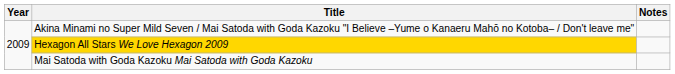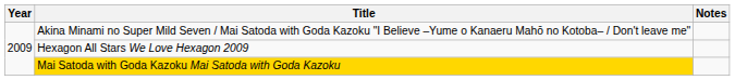 <table class="wikitable">
 <tr>
 <th>Year</th>
 <th>Title</th>
 <th>Notes</th>
 </tr>
 <tr>
 <td rowspan="3">2009</td>
 <td>Akina Minami no Super Mild Seven / Mai Satoda with Goda Kazoku "I Believe –Yume o Kanaeru Mahō no Kotoba– / Don't leave me"</td>
 <td></td>
 </tr>
 <tr>
-<td style="background: gold;">Hexagon All Stars <em>We Love Hexagon 2009</em></td>
+<td>Hexagon All Stars <em>We Love Hexagon 2009</em></td>
 <td></td>
 </tr>
 <tr>
-<td>Mai Satoda with Goda Kazoku <em>Mai Satoda with Goda Kazoku</em></td>
+<td style="background: gold;">Mai Satoda with Goda Kazoku <em>Mai Satoda with Goda Kazoku</em></td>
 <td></td>
 </tr>
 </table>
